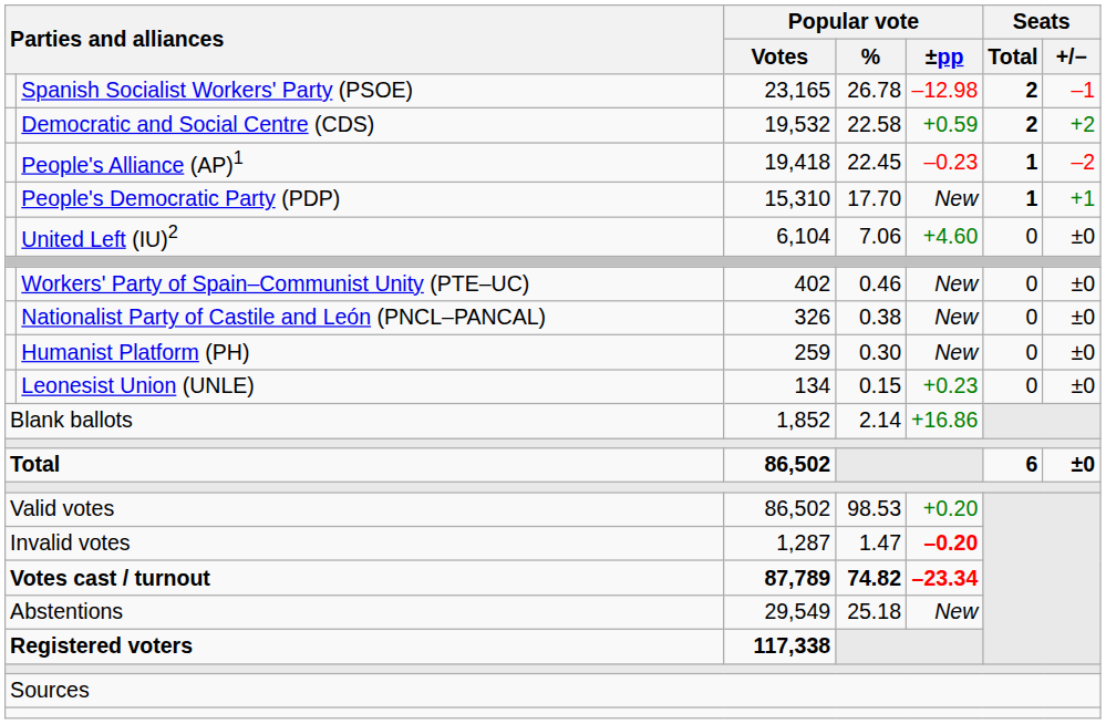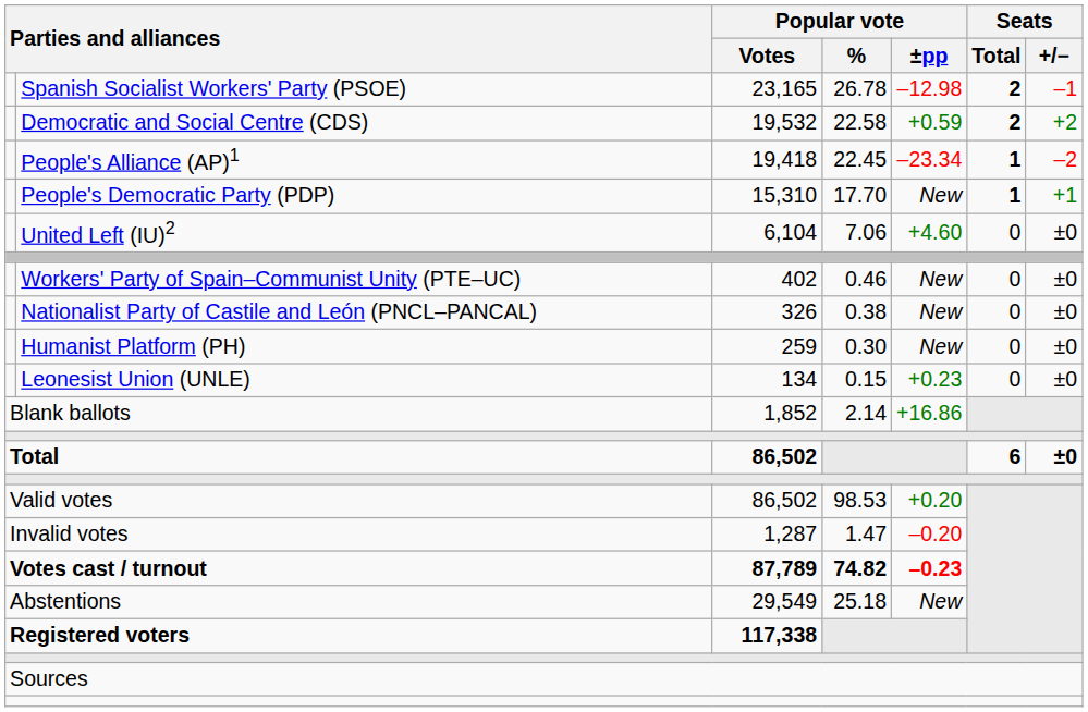 <table class="wikitable" style="text-align:right;">
 <tr>
 <th style="text-align:left;" rowspan="2" colspan="2" width="525">Parties and alliances</th>
 <th colspan="3">Popular vote</th>
 <th colspan="2">Seats</th>
 </tr>
 <tr>
 <th width="75">Votes</th>
 <th width="45">%</th>
 <th width="45">±<a href='#'>pp</a></th>
 <th width="35">Total</th>
 <th width="35">+/−</th>
 </tr>
 <tr>
 <td width="1" style="color:inherit;background:"></td>
 <td align="left"><a href='#'>Spanish Socialist Workers' Party</a> (PSOE)</td>
 <td>23,165</td>
 <td>26.78</td>
 <td style="color:red;">–12.98</td>
 <td><strong>2</strong></td>
 <td style="color:red;">–1</td>
 </tr>
 <tr>
 <td style="color:inherit;background:"></td>
 <td align="left"><a href='#'>Democratic and Social Centre</a> (CDS)</td>
 <td>19,532</td>
 <td>22.58</td>
 <td style="color:green;">+0.59</td>
 <td><strong>2</strong></td>
 <td style="color:green;">+2</td>
 </tr>
 <tr>
 <td style="color:inherit;background:"></td>
 <td align="left"><a href='#'>People's Alliance</a> (AP)<sup>1</sup></td>
 <td>19,418</td>
 <td>22.45</td>
-<td style="color:red;">–0.23</td>
+<td style="color:red;">–23.34</td>
 <td><strong>1</strong></td>
 <td style="color:red;">–2</td>
 </tr>
 <tr>
 <td style="color:inherit;background:"></td>
 <td align="left"><a href='#'>People's Democratic Party</a> (PDP)</td>
 <td>15,310</td>
 <td>17.70</td>
 <td><em>New</em></td>
 <td><strong>1</strong></td>
 <td style="color:green;">+1</td>
 </tr>
 <tr>
 <td style="color:inherit;background:"></td>
 <td align="left"><a href='#'>United Left</a> (IU)<sup>2</sup></td>
 <td>6,104</td>
 <td>7.06</td>
 <td style="color:green;">+4.60</td>
 <td>0</td>
 <td>±0</td>
 </tr>
 <tr>
 <td colspan="7" bgcolor="#C0C0C0"></td>
 </tr>
 <tr>
 <td style="color:inherit;background:"></td>
 <td align="left"><a href='#'>Workers' Party of Spain–Communist Unity</a> (PTE–UC)</td>
 <td>402</td>
 <td>0.46</td>
 <td><em>New</em></td>
 <td>0</td>
 <td>±0</td>
 </tr>
 <tr>
 <td style="color:inherit;background:"></td>
 <td align="left"><a href='#'>Nationalist Party of Castile and León</a> (PNCL–PANCAL)</td>
 <td>326</td>
 <td>0.38</td>
 <td><em>New</em></td>
 <td>0</td>
 <td>±0</td>
 </tr>
 <tr>
 <td style="color:inherit;background:"></td>
 <td align="left"><a href='#'>Humanist Platform</a> (PH)</td>
 <td>259</td>
 <td>0.30</td>
 <td><em>New</em></td>
 <td>0</td>
 <td>±0</td>
 </tr>
 <tr>
 <td style="color:inherit;background:"></td>
 <td align="left"><a href='#'>Leonesist Union</a> (UNLE)</td>
 <td>134</td>
 <td>0.15</td>
 <td style="color:green;">+0.23</td>
 <td>0</td>
 <td>±0</td>
 </tr>
 <tr>
 <td align="left" colspan="2">Blank ballots</td>
 <td>1,852</td>
 <td>2.14</td>
 <td style="color:green;">+16.86</td>
 <td bgcolor="#E9E9E9" colspan="2"></td>
 </tr>
 <tr>
 <td colspan="7" bgcolor="#E9E9E9"></td>
 </tr>
 <tr style="font-weight:bold;">
 <td align="left" colspan="2">Total</td>
 <td>86,502</td>
 <td bgcolor="#E9E9E9" colspan="2"></td>
 <td>6</td>
 <td>±0</td>
 </tr>
 <tr>
 <td colspan="7" bgcolor="#E9E9E9"></td>
 </tr>
 <tr>
 <td align="left" colspan="2">Valid votes</td>
 <td>86,502</td>
 <td>98.53</td>
 <td style="color:green;">+0.20</td>
 <td bgcolor="#E9E9E9" colspan="2" rowspan="5"></td>
 </tr>
 <tr>
 <td align="left" colspan="2">Invalid votes</td>
 <td>1,287</td>
 <td>1.47</td>
-<td style="color:red;"><strong>–0.20</strong></td>
+<td style="color:red;">–0.20</td>
 </tr>
 <tr style="font-weight:bold;">
 <td align="left" colspan="2">Votes cast / turnout</td>
 <td>87,789</td>
 <td>74.82</td>
-<td style="color:red;">–23.34</td>
+<td style="color:red;">–0.23</td>
 </tr>
 <tr>
 <td align="left" colspan="2">Abstentions</td>
 <td>29,549</td>
 <td>25.18</td>
 <td><em>New</em></td>
 </tr>
 <tr style="font-weight:bold;">
 <td align="left" colspan="2">Registered voters</td>
 <td>117,338</td>
 <td bgcolor="#E9E9E9" colspan="2"></td>
 </tr>
 <tr>
 <td colspan="7" bgcolor="#E9E9E9"></td>
 </tr>
 <tr>
 <td align="left" colspan="7">Sources</td>
 </tr>
 <tr>
 <td colspan="7" style="text-align:left; max-width:790px;"></td>
 </tr>
 </table>
